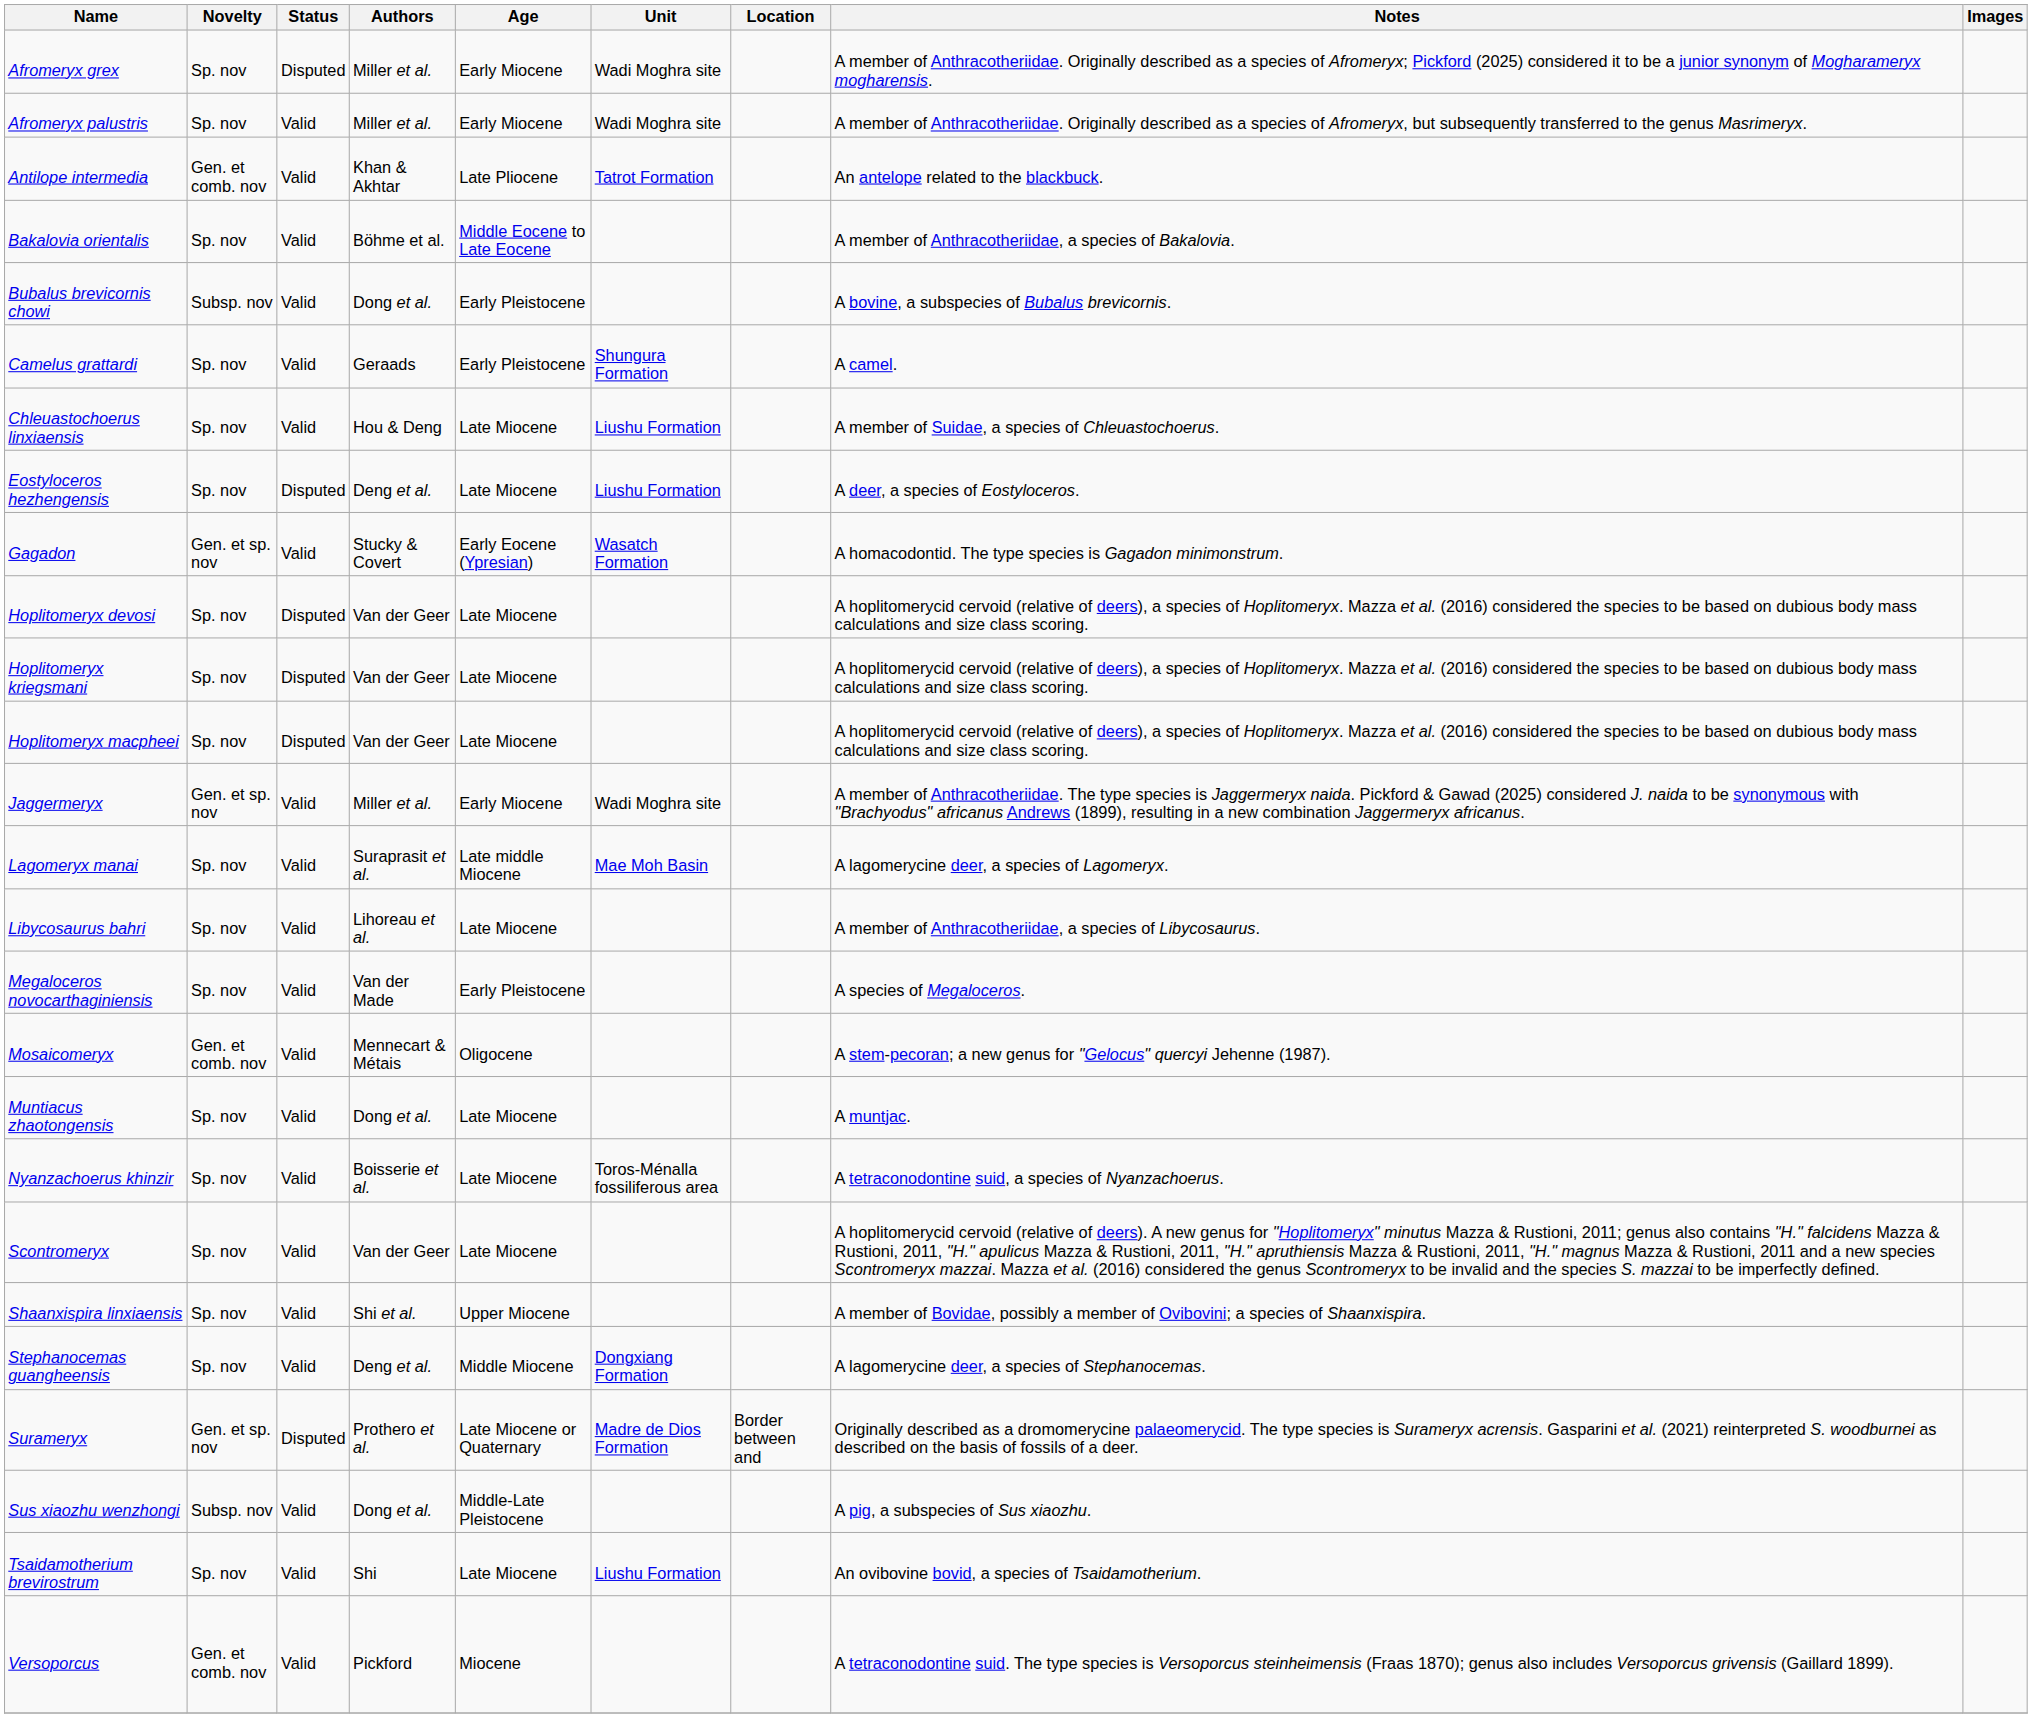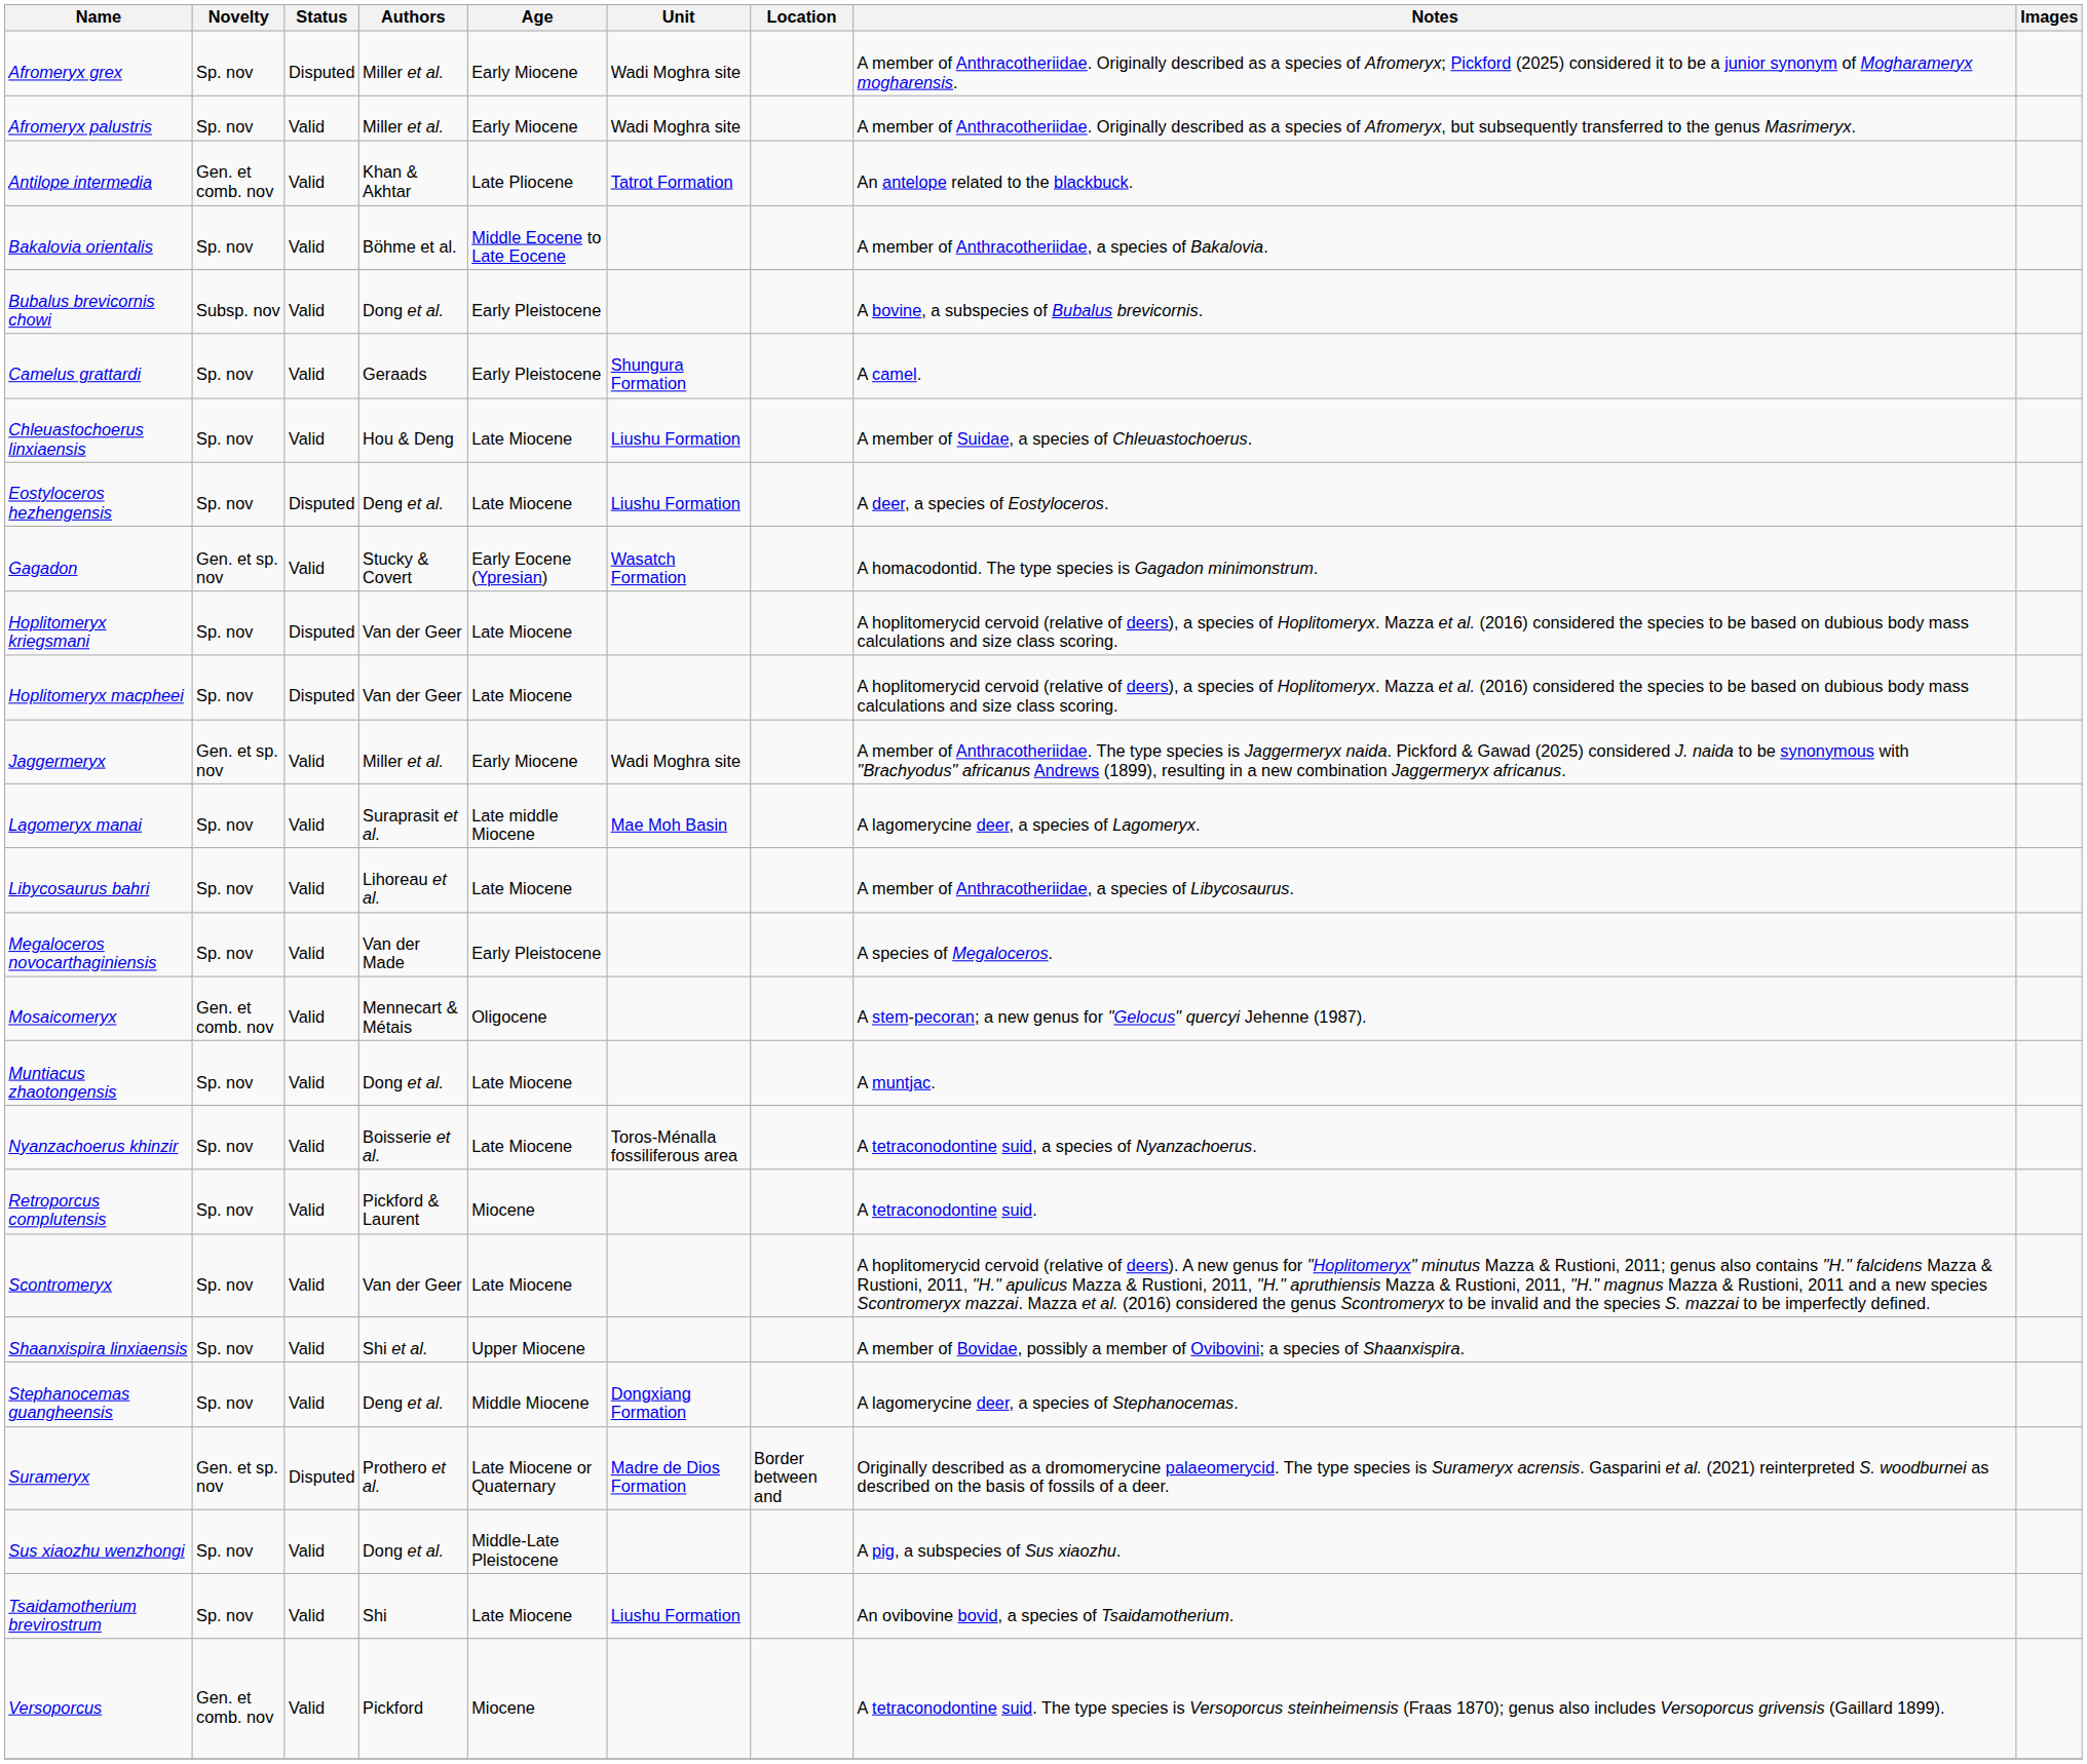 <table class="wikitable sortable" align="center" width="100%">
 <tr>
 <th>Name</th>
 <th>Novelty</th>
 <th>Status</th>
 <th>Authors</th>
 <th>Age</th>
 <th>Unit</th>
 <th>Location</th>
 <th>Notes</th>
 <th>Images</th>
 </tr>
 <tr>
 <td><br><em><a href='#'>Afromeryx grex</a></em></td>
 <td><br>Sp. nov</td>
 <td><br>Disputed</td>
 <td><br>Miller <em>et al.</em></td>
 <td><br>Early Miocene</td>
 <td><br>Wadi Moghra site</td>
 <td><br></td>
 <td><br>A member of <a href='#'>Anthracotheriidae</a>. Originally described as a species of <em>Afromeryx</em>; <a href='#'>Pickford</a> (2025) considered it to be a <a href='#'>junior synonym</a> of <em><a href='#'>Mogharameryx mogharensis</a></em>.</td>
 <td></td>
 </tr>
 <tr>
 <td><br><em><a href='#'>Afromeryx palustris</a></em></td>
 <td><br>Sp. nov</td>
 <td><br>Valid</td>
 <td><br>Miller <em>et al.</em></td>
 <td><br>Early Miocene</td>
 <td><br>Wadi Moghra site</td>
 <td><br></td>
 <td><br>A member of <a href='#'>Anthracotheriidae</a>. Originally described as a species of <em>Afromeryx</em>, but subsequently transferred to the genus <em>Masrimeryx</em>.</td>
 <td></td>
 </tr>
 <tr>
 <td><br><em><a href='#'>Antilope intermedia</a></em></td>
 <td><br>Gen. et comb. nov</td>
 <td><br>Valid</td>
 <td><br>Khan & Akhtar</td>
 <td><br>Late Pliocene</td>
 <td><br><a href='#'>Tatrot Formation</a></td>
 <td><br></td>
 <td><br>An <a href='#'>antelope</a> related to the <a href='#'>blackbuck</a>.</td>
 <td></td>
 </tr>
 <tr>
 <td><br><em><a href='#'>Bakalovia orientalis</a></em></td>
 <td><br>Sp. nov</td>
 <td><br>Valid</td>
 <td><br>Böhme et al.</td>
 <td><br><a href='#'>Middle Eocene</a> to <a href='#'>Late Eocene</a></td>
 <td></td>
 <td><br></td>
 <td><br>A member of <a href='#'>Anthracotheriidae</a>, a species of <em>Bakalovia</em>.</td>
 <td></td>
 </tr>
 <tr>
 <td><br><em><a href='#'>Bubalus brevicornis chowi</a></em></td>
 <td><br>Subsp. nov</td>
 <td><br>Valid</td>
 <td><br>Dong <em>et al.</em></td>
 <td><br>Early Pleistocene</td>
 <td></td>
 <td><br></td>
 <td><br>A <a href='#'>bovine</a>, a subspecies of <em><a href='#'>Bubalus</a> brevicornis</em>.</td>
 <td></td>
 </tr>
 <tr>
 <td><br><em><a href='#'>Camelus grattardi</a></em></td>
 <td><br>Sp. nov</td>
 <td><br>Valid</td>
 <td><br>Geraads</td>
 <td><br>Early Pleistocene</td>
 <td><br><a href='#'>Shungura Formation</a></td>
 <td><br></td>
 <td><br>A <a href='#'>camel</a>.</td>
 <td></td>
 </tr>
 <tr>
 <td><br><em><a href='#'>Chleuastochoerus linxiaensis</a></em></td>
 <td><br>Sp. nov</td>
 <td><br>Valid</td>
 <td><br>Hou & Deng</td>
 <td><br>Late Miocene</td>
 <td><br><a href='#'>Liushu Formation</a></td>
 <td><br></td>
 <td><br>A member of <a href='#'>Suidae</a>, a species of <em>Chleuastochoerus</em>.</td>
 <td></td>
 </tr>
 <tr>
 <td><br><em><a href='#'>Eostyloceros hezhengensis</a></em></td>
 <td><br>Sp. nov</td>
 <td><br>Disputed</td>
 <td><br>Deng <em>et al.</em></td>
 <td><br>Late Miocene</td>
 <td><br><a href='#'>Liushu Formation</a></td>
 <td><br></td>
 <td><br>A <a href='#'>deer</a>, a species of <em>Eostyloceros</em>.</td>
 <td></td>
 </tr>
 <tr>
 <td><br><em><a href='#'>Gagadon</a></em></td>
 <td><br>Gen. et sp. nov</td>
 <td><br>Valid</td>
 <td><br>Stucky & Covert</td>
 <td><br>Early Eocene (<a href='#'>Ypresian</a>)</td>
 <td><br><a href='#'>Wasatch Formation</a></td>
 <td><br></td>
 <td><br>A homacodontid. The type species is <em>Gagadon minimonstrum</em>.</td>
 <td></td>
 </tr>
 <tr>
-<td><br><em><a href='#'>Hoplitomeryx devosi</a></em></td>
-<td><br>Sp. nov</td>
-<td><br>Disputed</td>
-<td><br>Van der Geer</td>
-<td><br>Late Miocene</td>
-<td></td>
-<td><br></td>
-<td><br>A hoplitomerycid cervoid (relative of <a href='#'>deers</a>), a species of <em>Hoplitomeryx</em>. Mazza <em>et al.</em> (2016) considered the species to be based on dubious body mass calculations and size class scoring.</td>
-<td></td>
-</tr>
-<tr>
 <td><br><em><a href='#'>Hoplitomeryx kriegsmani</a></em></td>
 <td><br>Sp. nov</td>
 <td><br>Disputed</td>
 <td><br>Van der Geer</td>
 <td><br>Late Miocene</td>
 <td></td>
 <td><br></td>
 <td><br>A hoplitomerycid cervoid (relative of <a href='#'>deers</a>), a species of <em>Hoplitomeryx</em>. Mazza <em>et al.</em> (2016) considered the species to be based on dubious body mass calculations and size class scoring.</td>
 <td></td>
 </tr>
 <tr>
 <td><br><em><a href='#'>Hoplitomeryx macpheei</a></em></td>
 <td><br>Sp. nov</td>
 <td><br>Disputed</td>
 <td><br>Van der Geer</td>
 <td><br>Late Miocene</td>
 <td></td>
 <td><br></td>
 <td><br>A hoplitomerycid cervoid (relative of <a href='#'>deers</a>), a species of <em>Hoplitomeryx</em>. Mazza <em>et al.</em> (2016) considered the species to be based on dubious body mass calculations and size class scoring.</td>
 <td></td>
 </tr>
 <tr>
 <td><br><em><a href='#'>Jaggermeryx</a></em></td>
 <td><br>Gen. et sp. nov</td>
 <td><br>Valid</td>
 <td><br>Miller <em>et al.</em></td>
 <td><br>Early Miocene</td>
 <td><br>Wadi Moghra site</td>
 <td><br></td>
 <td><br>A member of <a href='#'>Anthracotheriidae</a>. The type species is <em>Jaggermeryx naida</em>. Pickford & Gawad (2025) considered <em>J. naida</em> to be <a href='#'>synonymous</a> with <em>"Brachyodus" africanus</em> <a href='#'>Andrews</a> (1899), resulting in a new combination <em>Jaggermeryx africanus</em>.</td>
 <td></td>
 </tr>
 <tr>
 <td><br><em><a href='#'>Lagomeryx manai</a></em></td>
 <td><br>Sp. nov</td>
 <td><br>Valid</td>
 <td><br>Suraprasit <em>et al.</em></td>
 <td><br>Late middle Miocene</td>
 <td><br><a href='#'>Mae Moh Basin</a></td>
 <td><br></td>
 <td><br>A lagomerycine <a href='#'>deer</a>, a species of <em>Lagomeryx</em>.</td>
 <td></td>
 </tr>
 <tr>
 <td><br><em><a href='#'>Libycosaurus bahri</a></em></td>
 <td><br>Sp. nov</td>
 <td><br>Valid</td>
 <td><br>Lihoreau <em>et al.</em></td>
 <td><br>Late Miocene</td>
 <td></td>
 <td><br></td>
 <td><br>A member of <a href='#'>Anthracotheriidae</a>, a species of <em>Libycosaurus</em>.</td>
 <td></td>
 </tr>
 <tr>
 <td><br><em><a href='#'>Megaloceros novocarthaginiensis</a></em></td>
 <td><br>Sp. nov</td>
 <td><br>Valid</td>
 <td><br>Van der Made</td>
 <td><br>Early Pleistocene</td>
 <td></td>
 <td><br></td>
 <td><br>A species of <em><a href='#'>Megaloceros</a></em>.</td>
 <td></td>
 </tr>
 <tr>
 <td><br><em><a href='#'>Mosaicomeryx</a></em></td>
 <td><br>Gen. et comb. nov</td>
 <td><br>Valid</td>
 <td><br>Mennecart & Métais</td>
 <td><br>Oligocene</td>
 <td></td>
 <td><br><br> <br> </td>
 <td><br>A <a href='#'>stem</a>-<a href='#'>pecoran</a>; a new genus for <em>"<a href='#'>Gelocus</a>" quercyi</em> Jehenne (1987).</td>
 <td></td>
 </tr>
 <tr>
 <td><br><em><a href='#'>Muntiacus zhaotongensis</a></em></td>
 <td><br>Sp. nov</td>
 <td><br>Valid</td>
 <td><br>Dong <em>et al.</em></td>
 <td><br>Late Miocene</td>
 <td></td>
 <td><br></td>
 <td><br>A <a href='#'>muntjac</a>.</td>
 <td></td>
 </tr>
 <tr>
 <td><br><em><a href='#'>Nyanzachoerus khinzir</a></em></td>
 <td><br>Sp. nov</td>
 <td><br>Valid</td>
 <td><br>Boisserie <em>et al.</em></td>
 <td><br>Late Miocene</td>
 <td><br>Toros-Ménalla fossiliferous area</td>
 <td><br></td>
 <td><br>A <a href='#'>tetraconodontine</a> <a href='#'>suid</a>, a species of <em>Nyanzachoerus</em>.</td>
 <td><br></td>
 </tr>
 <tr>
+<td><br><em><a href='#'>Retroporcus complutensis</a></em></td>
+<td><br>Sp. nov</td>
+<td><br>Valid</td>
+<td><br>Pickford & Laurent</td>
+<td><br>Miocene</td>
+<td></td>
+<td><br><br> </td>
+<td><br>A <a href='#'>tetraconodontine</a> <a href='#'>suid</a>.</td>
+<td></td>
+</tr>
+<tr>
 <td><br><em><a href='#'>Scontromeryx</a></em></td>
 <td><br>Sp. nov</td>
 <td><br>Valid</td>
 <td><br>Van der Geer</td>
 <td><br>Late Miocene</td>
 <td></td>
 <td><br></td>
 <td><br>A hoplitomerycid cervoid (relative of <a href='#'>deers</a>). A new genus for <em>"<a href='#'>Hoplitomeryx</a>" minutus</em> Mazza & Rustioni, 2011; genus also contains <em>"H." falcidens</em> Mazza & Rustioni, 2011, <em>"H." apulicus</em> Mazza & Rustioni, 2011, <em>"H." apruthiensis</em> Mazza & Rustioni, 2011, <em>"H." magnus</em> Mazza & Rustioni, 2011 and a new species <em>Scontromeryx mazzai</em>. Mazza <em>et al.</em> (2016) considered the genus <em>Scontromeryx</em> to be invalid and the species <em>S. mazzai</em> to be imperfectly defined.</td>
 <td></td>
 </tr>
 <tr>
 <td><br><em><a href='#'>Shaanxispira linxiaensis</a></em></td>
 <td><br>Sp. nov</td>
 <td><br>Valid</td>
 <td><br>Shi <em>et al.</em></td>
 <td><br>Upper Miocene</td>
 <td></td>
 <td><br></td>
 <td><br>A member of <a href='#'>Bovidae</a>, possibly a member of <a href='#'>Ovibovini</a>; a species of <em>Shaanxispira</em>.</td>
 <td></td>
 </tr>
 <tr>
 <td><br><em><a href='#'>Stephanocemas guangheensis</a></em></td>
 <td><br>Sp. nov</td>
 <td><br>Valid</td>
 <td><br>Deng <em>et al.</em></td>
 <td><br>Middle Miocene</td>
 <td><br><a href='#'>Dongxiang Formation</a></td>
 <td><br></td>
 <td><br>A lagomerycine <a href='#'>deer</a>, a species of <em>Stephanocemas</em>.</td>
 <td></td>
 </tr>
 <tr>
 <td><br><em><a href='#'>Surameryx</a></em></td>
 <td><br>Gen. et sp. nov</td>
 <td><br>Disputed</td>
 <td><br>Prothero <em>et al.</em></td>
 <td><br>Late Miocene or Quaternary</td>
 <td><br><a href='#'>Madre de Dios Formation</a></td>
 <td><br>Border between  and </td>
 <td><br>Originally described as a dromomerycine <a href='#'>palaeomerycid</a>. The type species is <em>Surameryx acrensis</em>. Gasparini <em>et al.</em> (2021) reinterpreted <em>S. woodburnei</em> as described on the basis of fossils of a deer.</td>
 <td></td>
 </tr>
 <tr>
 <td><br><em><a href='#'>Sus xiaozhu wenzhongi</a></em></td>
-<td><br>Subsp. nov</td>
+<td><br>Sp. nov</td>
 <td><br>Valid</td>
 <td><br>Dong <em>et al.</em></td>
 <td><br>Middle-Late Pleistocene</td>
 <td></td>
 <td><br></td>
 <td><br>A <a href='#'>pig</a>, a subspecies of <em>Sus xiaozhu</em>.</td>
 <td></td>
 </tr>
 <tr>
 <td><br><em><a href='#'>Tsaidamotherium brevirostrum</a></em></td>
 <td><br>Sp. nov</td>
 <td><br>Valid</td>
 <td><br>Shi</td>
 <td><br>Late Miocene</td>
 <td><br><a href='#'>Liushu Formation</a></td>
 <td><br></td>
 <td><br>An ovibovine <a href='#'>bovid</a>, a species of <em>Tsaidamotherium</em>.</td>
 <td></td>
 </tr>
 <tr>
 <td><br><em><a href='#'>Versoporcus</a></em></td>
 <td><br>Gen. et comb. nov</td>
 <td><br>Valid</td>
 <td><br>Pickford</td>
 <td><br>Miocene</td>
 <td></td>
 <td><br><br> <br> <br> <br> <br> </td>
 <td><br>A <a href='#'>tetraconodontine</a> <a href='#'>suid</a>. The type species is <em>Versoporcus steinheimensis</em> (Fraas 1870); genus also includes <em>Versoporcus grivensis</em> (Gaillard 1899).</td>
 <td></td>
 </tr>
 <tr>
 </tr>
 </table>
